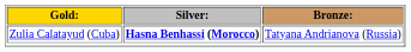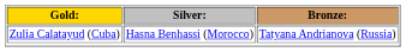 <table border="1" Cellpadding="2">
 <tr>
 <td style="text-align:center;background-color:gold;"><strong>Gold:</strong></td>
 <td style="text-align:center;background-color:silver;"><strong>Silver:</strong></td>
 <td style="text-align:center;background-color:#CC9966;"><strong>Bronze:</strong></td>
 </tr>
 <tr>
 <td> <a href='#'>Zulia Calatayud</a> (<a href='#'>Cuba</a>)</td>
-<td><strong> <a href='#'>Hasna Benhassi</a> (<a href='#'>Morocco</a>)</strong></td>
+<td> <a href='#'>Hasna Benhassi</a> (<a href='#'>Morocco</a>)</td>
 <td> <a href='#'>Tatyana Andrianova</a> (<a href='#'>Russia</a>)</td>
 </tr>
 <tr>
 </tr>
 </table>
